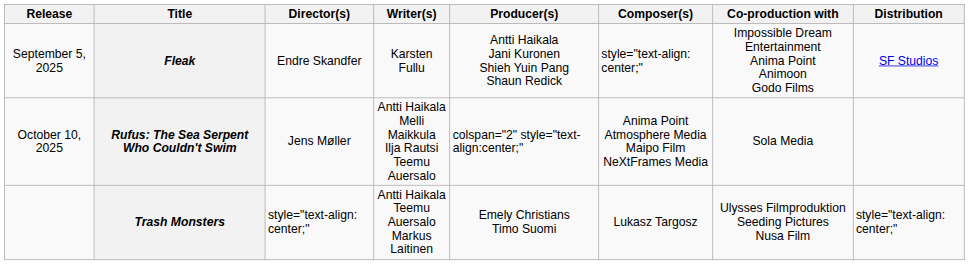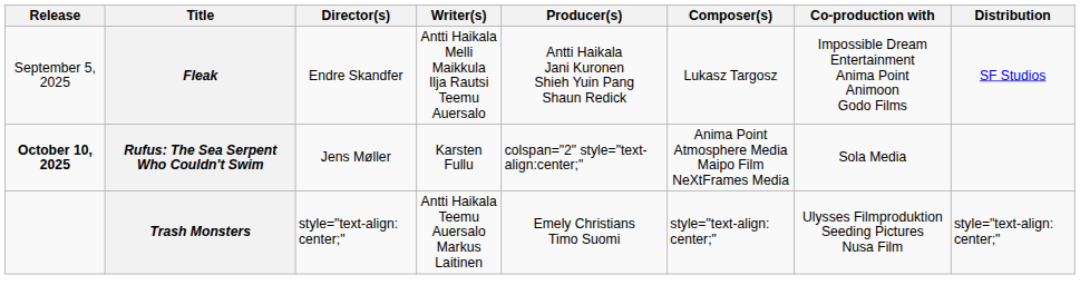 <table class="wikitable plainrowheaders" style="width:100%;">
 <tr>
 <th scope="col">Release</th>
 <th scope="col">Title</th>
 <th scope="col">Director(s)</th>
 <th scope="col">Writer(s)</th>
 <th scope="col">Producer(s)</th>
 <th scope="col">Composer(s)</th>
 <th scope="col">Co-production with</th>
 <th scope="col">Distribution</th>
 </tr>
 <tr>
 <td scope="row" style="text-align:center;">September 5, 2025</td>
 <th scope="row"><em>Fleak</em></th>
 <td style="text-align:center;">Endre Skandfer</td>
-<td style="text-align:center;">Karsten Fullu</td>
+<td style="text-align:center;">Antti Haikala<br>Melli Maikkula<br>Ilja Rautsi<br>Teemu Auersalo</td>
 <td style="text-align:center;">Antti Haikala<br>Jani Kuronen<br>Shieh Yuin Pang<br>Shaun Redick</td>
-<td>style="text-align: center;" </td>
+<td style="text-align:center;">Lukasz Targosz</td>
 <td style="text-align:center;">Impossible Dream Entertainment<br>Anima Point<br>Animoon<br>Godo Films</td>
 <td style="text-align:center;"><a href='#'>SF Studios</a></td>
 </tr>
 <tr>
-<td scope="row" style="text-align:center;">October 10, 2025</td>
+<td scope="row" style="text-align:center;"><strong>October 10, 2025</strong></td>
 <th scope="row"><em>Rufus: The Sea Serpent Who Couldn't Swim</em></th>
 <td style="text-align:center;">Jens Møller</td>
-<td style="text-align:center;">Antti Haikala<br>Melli Maikkula<br>Ilja Rautsi<br>Teemu Auersalo</td>
+<td style="text-align:center;">Karsten Fullu</td>
 <td>colspan="2" style="text-align:center;" </td>
 <td style="text-align:center;">Anima Point<br>Atmosphere Media<br>Maipo Film<br>NeXtFrames Media</td>
 <td style="text-align:center;">Sola Media</td>
 </tr>
 <tr>
 <td></td>
 <th scope="row"><em>Trash Mon­sters</em></th>
 <td>style="text-align: center;" </td>
 <td style="text-align: center;">Antti Haikala<br>Teemu Auersalo<br>Markus Laitinen</td>
 <td style="text-align: center;">Emely Christians<br>Timo Suomi</td>
-<td style="text-align:center;">Lukasz Targosz</td>
+<td>style="text-align: center;" </td>
 <td style="text-align: center;">Ulysses Filmproduktion<br>Seeding Pictures<br>Nusa Film</td>
 <td>style="text-align: center;" </td>
 </tr>
 </table>
